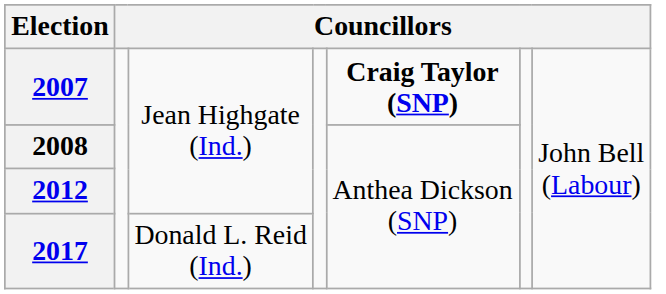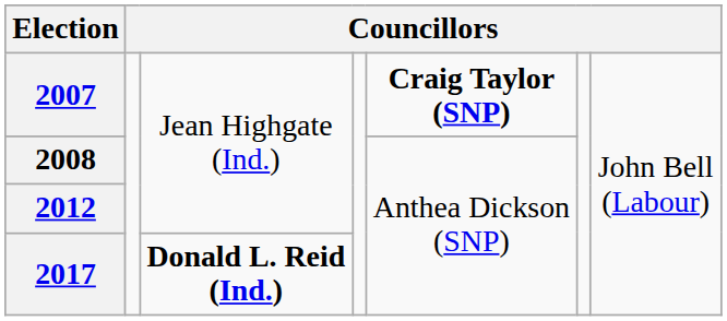 <table class="wikitable" style="text-align:center">
 <tr>
 <th>Election</th>
 <th colspan=8>Councillors</th>
 </tr>
 <tr>
 <th><a href='#'>2007</a></th>
 <td rowspan=5; style="background-color: "></td>
 <td rowspan=3>Jean Highgate<br>(<a href='#'>Ind.</a>)</td>
 <td rowspan=5; style="background-color: "></td>
 <td rowspan=1><strong>Craig Taylor<br>(<a href='#'>SNP</a>)</strong></td>
 <td rowspan=5; style="background-color: "></td>
 <td rowspan=4>John Bell<br>(<a href='#'>Labour</a>)</td>
 </tr>
 <tr>
 <th>2008</th>
 <td rowspan=3>Anthea Dickson<br>(<a href='#'>SNP</a>)</td>
 </tr>
 <tr>
 <th><a href='#'>2012</a></th>
 </tr>
 <tr>
 <th><a href='#'>2017</a></th>
-<td>Donald L. Reid<br>(<a href='#'>Ind.</a>)</td>
+<td><strong>Donald L. Reid<br>(<a href='#'>Ind.</a>)</strong></td>
 </tr>
 </table>
